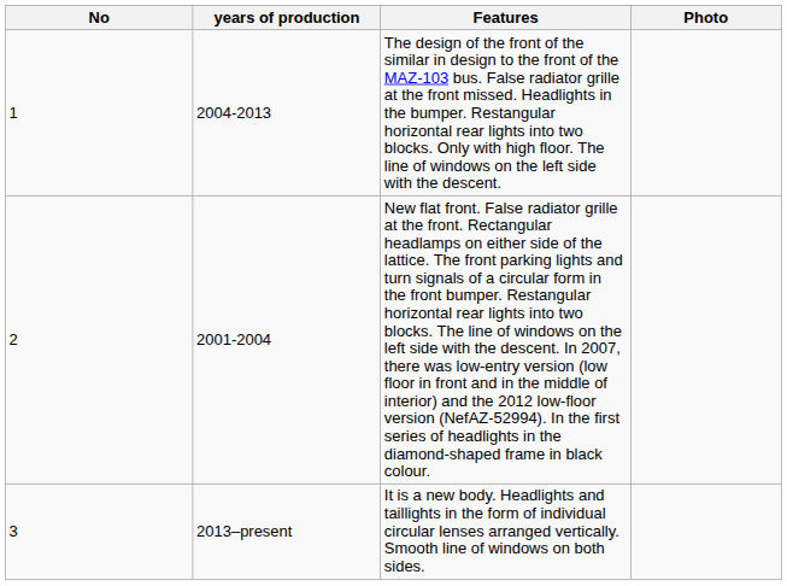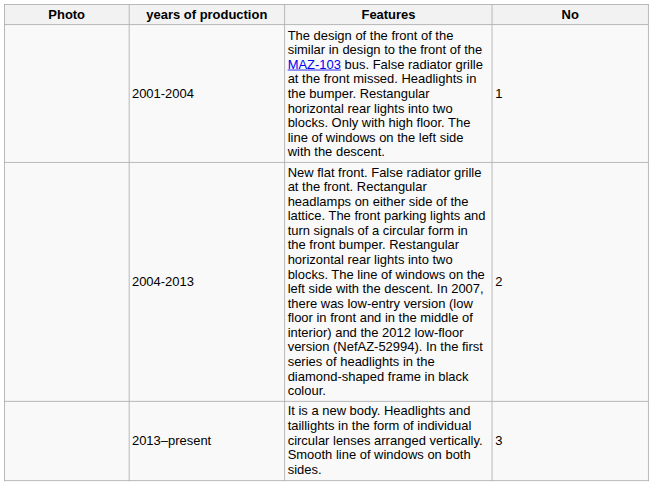 <table class="wikitable" style="width:90%;">
 <tr>
-<th style="width:15%;">No</th>
+<th style="width:12%;">Photo</th>
 <th style="width:15%;">years of production</th>
 <th style="width:20%;">Features</th>
-<th style="width:12%;">Photo</th>
+<th style="width:15%;">No</th>
 </tr>
 <tr>
+<td></td>
+<td>2001-2004</td>
+<td>The design of the front of the similar in design to the front of the <a href='#'>MAZ-103</a> bus. False radiator grille at the front missed. Headlights in the bumper. Restangular horizontal rear lights into two blocks. Only with high floor. The line of windows on the left side with the descent.</td>
 <td>1</td>
-<td>2004-2013</td>
-<td>The design of the front of the similar in design to the front of the <a href='#'>MAZ-103</a> bus. False radiator grille at the front missed. Headlights in the bumper. Restangular horizontal rear lights into two blocks. Only with high floor. The line of windows on the left side with the descent.</td>
-<td></td>
 </tr>
 <tr>
+<td></td>
+<td>2004-2013</td>
+<td>New flat front. False radiator grille at the front. Rectangular headlamps on either side of the lattice. The front parking lights and turn signals of a circular form in the front bumper. Restangular horizontal rear lights into two blocks. The line of windows on the left side with the descent. In 2007, there was low-entry version (low floor in front and in the middle of interior) and the 2012 low-floor version (NefAZ-52994). In the first series of headlights in the diamond-shaped frame in black colour.</td>
 <td>2</td>
-<td>2001-2004</td>
-<td>New flat front. False radiator grille at the front. Rectangular headlamps on either side of the lattice. The front parking lights and turn signals of a circular form in the front bumper. Restangular horizontal rear lights into two blocks. The line of windows on the left side with the descent. In 2007, there was low-entry version (low floor in front and in the middle of interior) and the 2012 low-floor version (NefAZ-52994). In the first series of headlights in the diamond-shaped frame in black colour.</td>
-<td></td>
 </tr>
 <tr>
-<td>3</td>
+<td></td>
 <td>2013–present</td>
 <td>It is a new body. Headlights and taillights in the form of individual circular lenses arranged vertically. Smooth line of windows on both sides.</td>
-<td></td>
+<td>3</td>
 </tr>
 </table>
